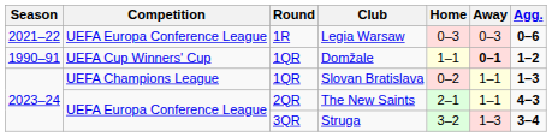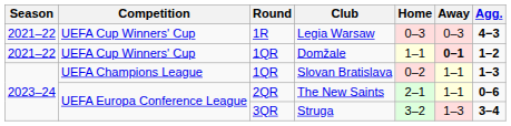 <table class="wikitable">
 <tr>
 <th>Season</th>
 <th>Competition</th>
 <th>Round</th>
 <th>Club</th>
 <th>Home</th>
 <th>Away</th>
 <th><a href='#'>Agg.</a></th>
 </tr>
 <tr>
 <td rowspan="1"><a href='#'>2021–22</a></td>
-<td rowspan="1"><a href='#'>UEFA Europa Conference League</a></td>
+<td rowspan="1"><a href='#'>UEFA Cup Winners' Cup</a></td>
 <td><a href='#'>1R</a></td>
 <td> <a href='#'>Legia Warsaw</a></td>
 <td style="text-align: center; background:#fdd;">0–3</td>
 <td style="text-align: center; background:#fdd;">0–3</td>
-<td style="text-align: center;"><strong>0–6</strong></td>
+<td style="text-align: center;"><strong>4−3</strong></td>
 </tr>
 <tr>
-<td rowspan="1"><a href='#'>1990–91</a></td>
+<td rowspan="1"><a href='#'>2021–22</a></td>
 <td rowspan="1"><a href='#'>UEFA Cup Winners' Cup</a></td>
 <td><a href='#'>1QR</a></td>
 <td> <a href='#'>Domžale</a></td>
 <td style="text-align: center; background:#ffd;">1–1</td>
 <td style="text-align: center; background:#fdd;"><strong>0–1</strong></td>
 <td style="text-align: center;"><strong>1–2</strong></td>
 </tr>
 <tr>
 <td rowspan="3"><a href='#'>2023–24</a></td>
 <td rowspan="1"><a href='#'>UEFA Champions League</a></td>
 <td><a href='#'>1QR</a></td>
 <td> <a href='#'>Slovan Bratislava</a></td>
 <td style="text-align: center; background:#fdd;">0–2</td>
 <td style="text-align: center; background:#ffd;">1–1</td>
 <td style="text-align: center;"><strong>1–3</strong></td>
 </tr>
 <tr>
 <td rowspan="2"><a href='#'>UEFA Europa Conference League</a></td>
 <td><a href='#'>2QR</a></td>
 <td> <a href='#'>The New Saints</a></td>
 <td style="text-align: center; background:#dfd;">2–1</td>
 <td style="text-align: center; background:#ffd;">1–1</td>
-<td style="text-align: center;"><strong>4−3</strong></td>
+<td style="text-align: center;"><strong>0–6</strong></td>
 </tr>
 <tr>
 <td><a href='#'>3QR</a></td>
 <td> <a href='#'>Struga</a></td>
 <td style="text-align: center; background:#dfd;">3–2</td>
 <td style="text-align: center; background:#fdd;">1–3</td>
 <td style="text-align: center;"><strong>3–4</strong></td>
 </tr>
 </table>
